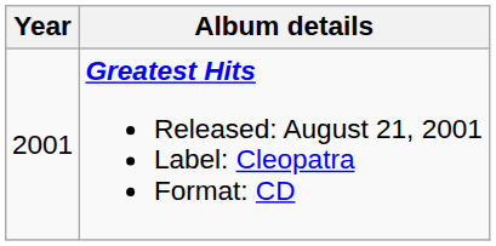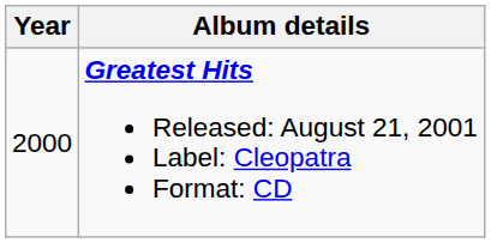 <table class ="wikitable">
 <tr>
 <th>Year</th>
 <th>Album details</th>
 </tr>
 <tr>
-<td>2001</td>
+<td>2000</td>
 <td><strong><em><a href='#'>Greatest Hits</a></em></strong><br><ul><li>Released: August 21, 2001</li><li>Label: <a href='#'>Cleopatra</a></li><li>Format: <a href='#'>CD</a></li></ul></td>
 </tr>
 </table>
